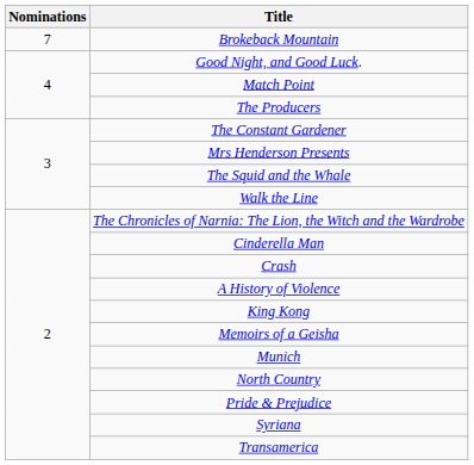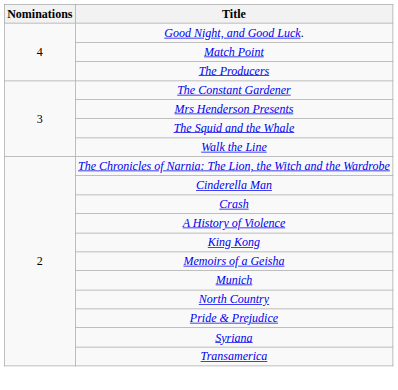 <table class="wikitable" style="text-align: center">
 <tr>
 <th scope="col" width="55">Nominations</th>
 <th scope="col" align="center">Title</th>
-</tr>
-<tr>
-<td align="center">7</td>
-<td><em><a href='#'>Brokeback Mountain</a></em></td>
 </tr>
 <tr>
 <td rowspan="3" style="text-align:center">4</td>
 <td><em><a href='#'>Good Night, and Good Luck</a></em>.</td>
 </tr>
 <tr>
 <td><em><a href='#'>Match Point</a></em></td>
 </tr>
 <tr>
 <td><em><a href='#'>The Producers</a></em></td>
 </tr>
 <tr>
 <td rowspan="4" style="text-align:center">3</td>
 <td><em><a href='#'>The Constant Gardener</a></em></td>
 </tr>
 <tr>
 <td><em><a href='#'>Mrs Henderson Presents</a></em></td>
 </tr>
 <tr>
 <td><em><a href='#'>The Squid and the Whale</a></em></td>
 </tr>
 <tr>
 <td><em><a href='#'>Walk the Line</a></em></td>
 </tr>
 <tr>
 <td rowspan="11" style="text-align:center">2</td>
 <td><em><a href='#'>The Chronicles of Narnia: The Lion, the Witch and the Wardrobe</a></em></td>
 </tr>
 <tr>
 <td><em><a href='#'>Cinderella Man</a></em></td>
 </tr>
 <tr>
 <td><em><a href='#'>Crash</a></em></td>
 </tr>
 <tr>
 <td><em><a href='#'>A History of Violence</a></em></td>
 </tr>
 <tr>
 <td><em><a href='#'>King Kong</a></em></td>
 </tr>
 <tr>
 <td><em><a href='#'>Memoirs of a Geisha</a></em></td>
 </tr>
 <tr>
 <td><em><a href='#'>Munich</a></em></td>
 </tr>
 <tr>
 <td><em><a href='#'>North Country</a></em></td>
 </tr>
 <tr>
 <td><em><a href='#'>Pride & Prejudice</a></em></td>
 </tr>
 <tr>
 <td><em><a href='#'>Syriana</a></em></td>
 </tr>
 <tr>
 <td><em><a href='#'>Transamerica</a></em></td>
 </tr>
 </table>
